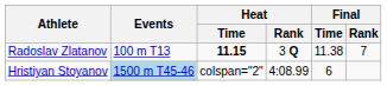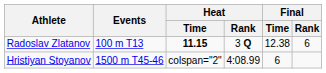 <table class=wikitable style="font-size:90%">
 <tr>
 <th rowspan="2">Athlete</th>
 <th rowspan="2">Events</th>
 <th colspan="2">Heat</th>
 <th colspan="2">Final</th>
 </tr>
 <tr>
 <th>Time</th>
 <th>Rank</th>
 <th>Time</th>
 <th>Rank</th>
 </tr>
 <tr align=center>
 <td align=left><a href='#'>Radoslav Zlatanov</a></td>
 <td align=left><a href='#'>100 m T13</a></td>
 <td><strong>11.15</strong></td>
 <td>3 <strong>Q</strong></td>
-<td>11.38</td>
-<td>7</td>
+<td>12.38</td>
+<td>6</td>
 </tr>
 <tr align=center>
 <td align=left><a href='#'>Hristiyan Stoyanov</a></td>
-<td align=left style="background: lightblue;"><a href='#'>1500 m T45-46</a></td>
+<td align=left><a href='#'>1500 m T45-46</a></td>
 <td>colspan="2" </td>
 <td>4:08.99</td>
 <td>6</td>
 </tr>
 </table>
